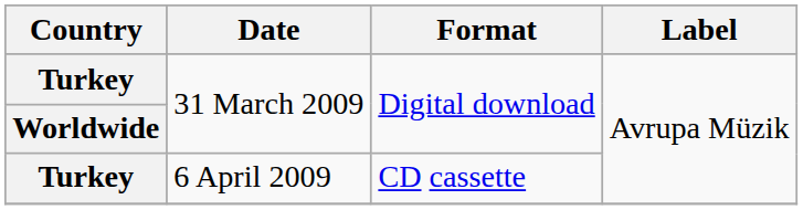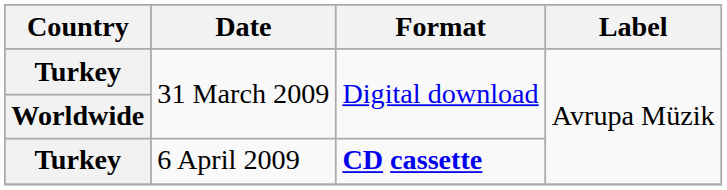 <table class="wikitable plainrowheaders">
 <tr>
 <th scope="col">Country</th>
 <th scope="col">Date</th>
 <th scope="col">Format</th>
 <th scope="col">Label</th>
 </tr>
 <tr>
 <th scope="row">Turkey</th>
 <td rowspan="2">31 March 2009</td>
 <td rowspan="2"><a href='#'>Digital download</a></td>
 <td rowspan="3">Avrupa Müzik</td>
 </tr>
 <tr>
 <th scope="row">Worldwide</th>
 </tr>
 <tr>
 <th scope="row">Turkey</th>
 <td rowspan="1">6 April 2009</td>
-<td><a href='#'>CD</a> <a href='#'>cassette</a></td>
+<td><strong><a href='#'>CD</a> <a href='#'>cassette</a></strong></td>
 </tr>
 <tr>
 </tr>
 </table>
